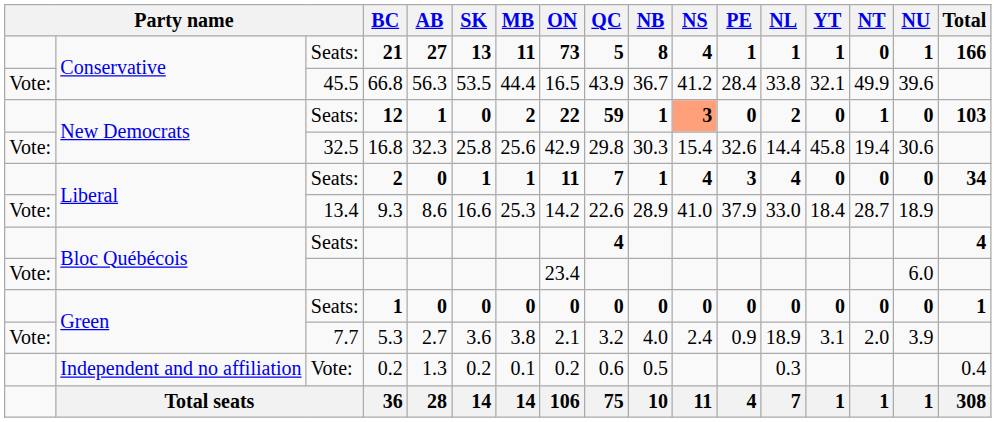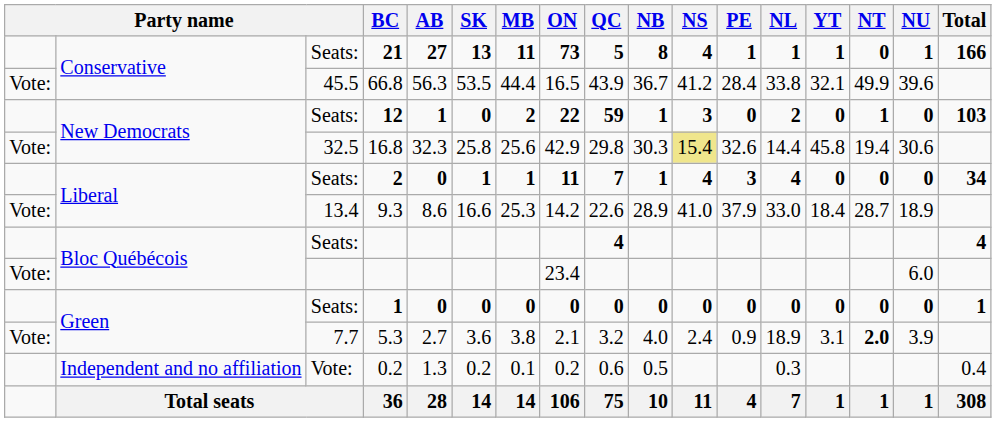 <table class="wikitable">
 <tr>
 <th style="text-align:center;" colspan="3">Party name</th>
 <th style="text-align:center;"><a href='#'>BC</a></th>
 <th style="text-align:center;"><a href='#'>AB</a></th>
 <th style="text-align:center;"><a href='#'>SK</a></th>
 <th style="text-align:center;"><a href='#'>MB</a></th>
 <th style="text-align:center;"><a href='#'>ON</a></th>
 <th style="text-align:center;"><a href='#'>QC</a></th>
 <th style="text-align:center;"><a href='#'>NB</a></th>
 <th style="text-align:center;"><a href='#'>NS</a></th>
 <th style="text-align:center;"><a href='#'>PE</a></th>
 <th style="text-align:center;"><a href='#'>NL</a></th>
 <th style="text-align:center;"><a href='#'>YT</a></th>
 <th style="text-align:center;"><a href='#'>NT</a></th>
 <th style="text-align:center;"><a href='#'>NU</a></th>
 <th style="text-align:center;">Total</th>
 </tr>
 <tr>
 <td>    </td>
 <td rowspan="2"><a href='#'>Conservative</a></td>
 <td>Seats:</td>
 <td style="text-align:right;"><strong>21</strong> </td>
 <td style="text-align:right;"><strong>27</strong> </td>
 <td style="text-align:right;"><strong>13</strong> </td>
 <td style="text-align:right;"><strong>11</strong> </td>
 <td style="text-align:right;"><strong>73</strong> </td>
 <td style="text-align:right;"><strong>5</strong> </td>
 <td style="text-align:right;"><strong>8</strong> </td>
 <td style="text-align:right;"><strong>4</strong> </td>
 <td style="text-align:right;"><strong>1</strong> </td>
 <td style="text-align:right;"><strong>1</strong> </td>
 <td style="text-align:right;"><strong>1</strong> </td>
 <td style="text-align:right;"><strong>0</strong> </td>
 <td style="text-align:right;"><strong>1</strong> </td>
 <td style="text-align:right;"><strong>166</strong></td>
 </tr>
 <tr>
 <td>Vote:</td>
 <td style="text-align:right;">45.5 </td>
 <td style="text-align:right;">66.8 </td>
 <td style="text-align:right;">56.3 </td>
 <td style="text-align:right;">53.5 </td>
 <td style="text-align:right;">44.4 </td>
 <td style="text-align:right;">16.5 </td>
 <td style="text-align:right;">43.9 </td>
 <td style="text-align:right;">36.7 </td>
 <td style="text-align:right;">41.2 </td>
 <td style="text-align:right;">28.4 </td>
 <td style="text-align:right;">33.8 </td>
 <td style="text-align:right;">32.1 </td>
 <td style="text-align:right;">49.9 </td>
 <td style="text-align:right;">39.6 </td>
 </tr>
 <tr>
 <td>    </td>
 <td rowspan="2"><a href='#'>New Democrats</a></td>
 <td>Seats:</td>
 <td style="text-align:right;"><strong>12</strong> </td>
 <td style="text-align:right;"><strong>1</strong> </td>
 <td style="text-align:right;"><strong>0</strong> </td>
 <td style="text-align:right;"><strong>2</strong> </td>
 <td style="text-align:right;"><strong>22</strong> </td>
 <td style="text-align:right;"><strong>59</strong> </td>
 <td style="text-align:right;"><strong>1</strong> </td>
-<td style="background: lightsalmon; text-align:right;"><strong>3</strong> </td>
+<td style="text-align:right;"><strong>3</strong> </td>
 <td style="text-align:right;"><strong>0</strong> </td>
 <td style="text-align:right;"><strong>2</strong> </td>
 <td style="text-align:right;"><strong>0</strong> </td>
 <td style="text-align:right;"><strong>1</strong> </td>
 <td style="text-align:right;"><strong>0</strong> </td>
 <td style="text-align:right;"><strong>103</strong></td>
 </tr>
 <tr>
 <td>Vote:</td>
 <td style="text-align:right;">32.5 </td>
 <td style="text-align:right;">16.8 </td>
 <td style="text-align:right;">32.3 </td>
 <td style="text-align:right;">25.8 </td>
 <td style="text-align:right;">25.6 </td>
 <td style="text-align:right;">42.9 </td>
 <td style="text-align:right;">29.8 </td>
 <td style="text-align:right;">30.3 </td>
-<td style="text-align:right;">15.4 </td>
+<td style="background: khaki; text-align:right;">15.4 </td>
 <td style="text-align:right;">32.6 </td>
 <td style="text-align:right;">14.4 </td>
 <td style="text-align:right;">45.8 </td>
 <td style="text-align:right;">19.4 </td>
 <td style="text-align:right;">30.6 </td>
 </tr>
 <tr>
 <td>    </td>
 <td rowspan="2"><a href='#'>Liberal</a></td>
 <td>Seats:</td>
 <td style="text-align:right;"><strong>2</strong> </td>
 <td style="text-align:right;"><strong>0</strong> </td>
 <td style="text-align:right;"><strong>1</strong> </td>
 <td style="text-align:right;"><strong>1</strong> </td>
 <td style="text-align:right;"><strong>11</strong> </td>
 <td style="text-align:right;"><strong>7</strong> </td>
 <td style="text-align:right;"><strong>1</strong> </td>
 <td style="text-align:right;"><strong>4</strong> </td>
 <td style="text-align:right;"><strong>3</strong> </td>
 <td style="text-align:right;"><strong>4</strong> </td>
 <td style="text-align:right;"><strong>0</strong> </td>
 <td style="text-align:right;"><strong>0</strong> </td>
 <td style="text-align:right;"><strong>0</strong> </td>
 <td style="text-align:right;"><strong>34</strong></td>
 </tr>
 <tr>
 <td>Vote:</td>
 <td style="text-align:right;">13.4 </td>
 <td style="text-align:right;">9.3 </td>
 <td style="text-align:right;">8.6 </td>
 <td style="text-align:right;">16.6 </td>
 <td style="text-align:right;">25.3 </td>
 <td style="text-align:right;">14.2 </td>
 <td style="text-align:right;">22.6 </td>
 <td style="text-align:right;">28.9 </td>
 <td style="text-align:right;">41.0 </td>
 <td style="text-align:right;">37.9 </td>
 <td style="text-align:right;">33.0 </td>
 <td style="text-align:right;">18.4 </td>
 <td style="text-align:right;">28.7 </td>
 <td style="text-align:right;">18.9 </td>
 </tr>
 <tr>
 <td>    </td>
 <td rowspan="2"><a href='#'>Bloc Québécois</a></td>
 <td>Seats:</td>
 <td style="text-align:right;"></td>
 <td style="text-align:right;"></td>
 <td style="text-align:right;"></td>
 <td style="text-align:right;"></td>
 <td style="text-align:right;"></td>
 <td style="text-align:right;"><strong>4</strong> </td>
 <td style="text-align:right;"></td>
 <td style="text-align:right;"></td>
 <td style="text-align:right;"></td>
 <td style="text-align:right;"></td>
 <td style="text-align:right;"></td>
 <td style="text-align:right;"></td>
 <td style="text-align:right;"></td>
 <td style="text-align:right;"><strong>4</strong></td>
 </tr>
 <tr>
 <td>Vote:</td>
 <td style="text-align:right;"></td>
 <td style="text-align:right;"></td>
 <td style="text-align:right;"></td>
 <td style="text-align:right;"></td>
 <td style="text-align:right;"></td>
 <td style="text-align:right;">23.4 </td>
 <td style="text-align:right;"></td>
 <td style="text-align:right;"></td>
 <td style="text-align:right;"></td>
 <td style="text-align:right;"></td>
 <td style="text-align:right;"></td>
 <td style="text-align:right;"></td>
 <td style="text-align:right;"></td>
 <td style="text-align:right;">6.0 </td>
 </tr>
 <tr>
 <td>    </td>
 <td rowspan="2"><a href='#'>Green</a></td>
 <td>Seats:</td>
 <td style="text-align:right;"><strong>1</strong> </td>
 <td style="text-align:right;"><strong>0</strong> </td>
 <td style="text-align:right;"><strong>0</strong> </td>
 <td style="text-align:right;"><strong>0</strong> </td>
 <td style="text-align:right;"><strong>0</strong> </td>
 <td style="text-align:right;"><strong>0</strong> </td>
 <td style="text-align:right;"><strong>0</strong> </td>
 <td style="text-align:right;"><strong>0</strong> </td>
 <td style="text-align:right;"><strong>0</strong> </td>
 <td style="text-align:right;"><strong>0</strong> </td>
 <td style="text-align:right;"><strong>0</strong> </td>
 <td style="text-align:right;"><strong>0</strong> </td>
 <td style="text-align:right;"><strong>0</strong> </td>
 <td style="text-align:right;"><strong>1</strong></td>
 </tr>
 <tr>
 <td>Vote:</td>
 <td style="text-align:right;">7.7 </td>
 <td style="text-align:right;">5.3 </td>
 <td style="text-align:right;">2.7 </td>
 <td style="text-align:right;">3.6 </td>
 <td style="text-align:right;">3.8 </td>
 <td style="text-align:right;">2.1 </td>
 <td style="text-align:right;">3.2 </td>
 <td style="text-align:right;">4.0 </td>
 <td style="text-align:right;">2.4 </td>
 <td style="text-align:right;">0.9 </td>
 <td style="text-align:right;">18.9 </td>
 <td style="text-align:right;">3.1 </td>
-<td style="text-align:right;">2.0 </td>
+<td style="text-align:right;"><strong>2.0 </strong></td>
 <td style="text-align:right;">3.9 </td>
 </tr>
 <tr>
 <td>    </td>
 <td><a href='#'>Independent and no affiliation</a></td>
 <td>Vote:</td>
 <td style="text-align:right;">0.2 </td>
 <td style="text-align:right;">1.3 </td>
 <td style="text-align:right;">0.2 </td>
 <td style="text-align:right;">0.1 </td>
 <td style="text-align:right;">0.2 </td>
 <td style="text-align:right;">0.6 </td>
 <td style="text-align:right;">0.5 </td>
 <td style="text-align:right;"></td>
 <td style="text-align:right;"></td>
 <td style="text-align:right;">0.3 </td>
 <td style="text-align:right;"></td>
 <td style="text-align:right;"></td>
 <td style="text-align:right;"></td>
 <td style="text-align:right;">0.4</td>
 </tr>
 <tr>
 <td></td>
 <th colspan="2">Total seats</th>
 <th style="text-align:right;">36 </th>
 <th style="text-align:right;">28 </th>
 <th style="text-align:right;">14 </th>
 <th style="text-align:right;">14 </th>
 <th style="text-align:right;">106</th>
 <th style="text-align:right;">75 </th>
 <th style="text-align:right;">10 </th>
 <th style="text-align:right;">11 </th>
 <th style="text-align:right;">4 </th>
 <th style="text-align:right;">7 </th>
 <th style="text-align:right;">1 </th>
 <th style="text-align:right;">1 </th>
 <th style="text-align:right;">1 </th>
 <th style="text-align:right;">308 </th>
 </tr>
 </table>
